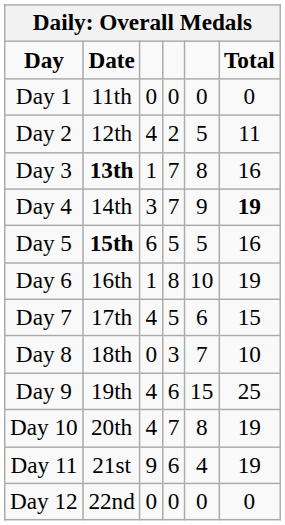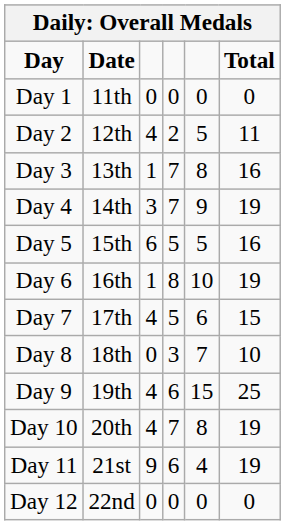 <table class="wikitable" style="font-size:100%" align="left">
 <tr bgcolor="#efefef">
 <th colspan=10><strong>Daily: Overall Medals</strong></th>
 </tr>
 <tr style="text-align:center;">
 <td><strong>Day</strong></td>
 <td><strong>Date</strong></td>
 <td></td>
 <td></td>
 <td></td>
 <td><strong>Total</strong></td>
 </tr>
 <tr style="text-align:center;">
 <td>Day 1</td>
 <td>11th</td>
 <td>0</td>
 <td>0</td>
 <td>0</td>
 <td>0</td>
 </tr>
 <tr style="text-align:center;">
 <td>Day 2</td>
 <td>12th</td>
 <td>4</td>
 <td>2</td>
 <td>5</td>
 <td>11</td>
 </tr>
 <tr style="text-align:center;">
 <td>Day 3</td>
-<td><strong>13th</strong></td>
+<td>13th</td>
 <td>1</td>
 <td>7</td>
 <td>8</td>
 <td>16</td>
 </tr>
 <tr style="text-align:center;">
 <td>Day 4</td>
 <td>14th</td>
 <td>3</td>
 <td>7</td>
 <td>9</td>
-<td><strong>19</strong></td>
+<td>19</td>
 </tr>
 <tr style="text-align:center;">
 <td>Day 5</td>
-<td><strong>15th</strong></td>
+<td>15th</td>
 <td>6</td>
 <td>5</td>
 <td>5</td>
 <td>16</td>
 </tr>
 <tr style="text-align:center;">
 <td>Day 6</td>
 <td>16th</td>
 <td>1</td>
 <td>8</td>
 <td>10</td>
 <td>19</td>
 </tr>
 <tr style="text-align:center;">
 <td>Day 7</td>
 <td>17th</td>
 <td>4</td>
 <td>5</td>
 <td>6</td>
 <td>15</td>
 </tr>
 <tr style="text-align:center;">
 <td>Day 8</td>
 <td>18th</td>
 <td>0</td>
 <td>3</td>
 <td>7</td>
 <td>10</td>
 </tr>
 <tr style="text-align:center;">
 <td>Day 9</td>
 <td>19th</td>
 <td>4</td>
 <td>6</td>
 <td>15</td>
 <td>25</td>
 </tr>
 <tr style="text-align:center;">
 <td>Day 10</td>
 <td>20th</td>
 <td>4</td>
 <td>7</td>
 <td>8</td>
 <td>19</td>
 </tr>
 <tr style="text-align:center;">
 <td>Day 11</td>
 <td>21st</td>
 <td>9</td>
 <td>6</td>
 <td>4</td>
 <td>19</td>
 </tr>
 <tr style="text-align:center;">
 <td>Day 12</td>
 <td>22nd</td>
 <td>0</td>
 <td>0</td>
 <td>0</td>
 <td>0</td>
 </tr>
 </table>
